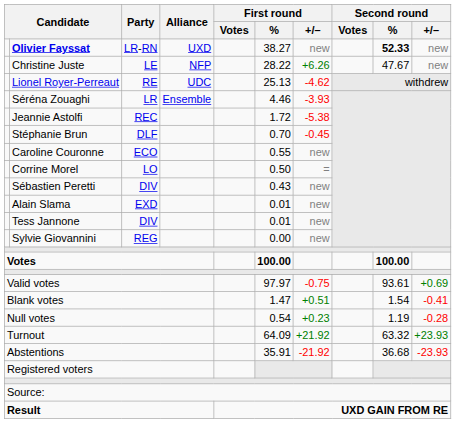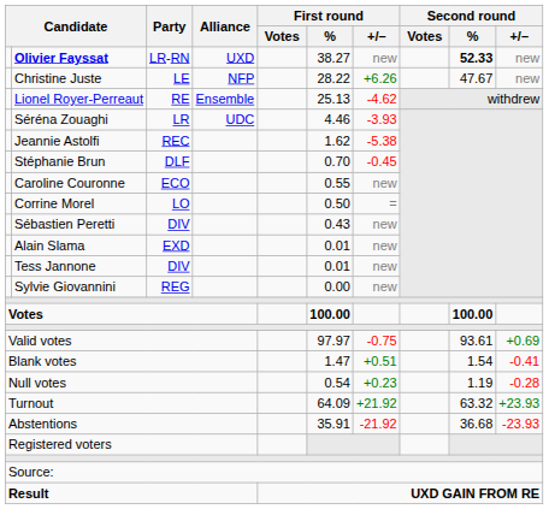 <table class="wikitable" style="text-align:right;font-size:95%;">
 <tr>
 <th rowspan="2" colspan="2">Candidate</th>
 <th colspan="1" rowspan="2">Party</th>
 <th colspan="1" rowspan="2">Alliance</th>
 <th colspan="3">First round</th>
 <th colspan="3">Second round</th>
 </tr>
 <tr>
 <th style="width:50px;">Votes</th>
 <th style="width:45px;">%</th>
 <th style="width:45px;">+/–</th>
 <th style="width:50px;">Votes</th>
 <th style="width:45px;">%</th>
 <th style="width:45px;">+/–</th>
 </tr>
 <tr>
 <td style="color:inherit;background:"></td>
 <td style="text-align:left;"><strong><a href='#'>Olivier Fayssat</a></strong></td>
 <td><a href='#'>LR</a>-<a href='#'>RN</a></td>
 <td><a href='#'>UXD</a></td>
 <td></td>
 <td>38.27</td>
 <td style="color:grey;">new</td>
 <td><strong></strong></td>
 <td><strong>52.33</strong></td>
 <td style="color:grey;">new</td>
 </tr>
 <tr>
 <td style="color:inherit;background:"></td>
 <td style="text-align:left;">Christine Juste</td>
 <td><a href='#'>LE</a></td>
 <td><a href='#'>NFP</a></td>
 <td></td>
 <td>28.22</td>
 <td style="color:green;">+6.26</td>
 <td></td>
 <td>47.67</td>
 <td style="color:grey;">new</td>
 </tr>
 <tr>
 <td style="color:inherit;background:"></td>
 <td style="text-align:left;"><a href='#'>Lionel Royer-Perreaut</a></td>
 <td><a href='#'>RE</a></td>
-<td><a href='#'>UDC</a></td>
+<td><a href='#'>Ensemble</a></td>
 <td></td>
 <td>25.13</td>
 <td style="color:red;">-4.62</td>
 <td colspan="3" style="background:#E9E9E9;">withdrew</td>
 </tr>
 <tr>
 <td style="color:inherit;background:"></td>
 <td style="text-align:left;">Séréna Zouaghi</td>
 <td><a href='#'>LR</a></td>
-<td><a href='#'>Ensemble</a></td>
+<td><a href='#'>UDC</a></td>
 <td></td>
 <td>4.46</td>
 <td style="color:red;">-3.93</td>
 <td colspan="3" rowspan="9" style="background:#E9E9E9;"></td>
 </tr>
 <tr>
 <td style="color:inherit;background:"></td>
 <td style="text-align:left;">Jeannie Astolfi</td>
 <td><a href='#'>REC</a></td>
 <td></td>
 <td></td>
-<td>1.72</td>
+<td>1.62</td>
 <td style="color:red;">-5.38</td>
 </tr>
 <tr>
 <td style="color:inherit;background:"></td>
 <td style="text-align:left;">Stéphanie Brun</td>
 <td><a href='#'>DLF</a></td>
 <td></td>
 <td></td>
 <td>0.70</td>
 <td style="color:red;">-0.45</td>
 </tr>
 <tr>
 <td style="color:inherit;background:"></td>
 <td style="text-align:left;">Caroline Couronne</td>
 <td><a href='#'>ECO</a></td>
 <td></td>
 <td></td>
 <td>0.55</td>
 <td style="color:grey;">new</td>
 </tr>
 <tr>
 <td style="color:inherit;background:"></td>
 <td style="text-align:left;">Corrine Morel</td>
 <td><a href='#'>LO</a></td>
 <td></td>
 <td></td>
 <td>0.50</td>
 <td style="color:grey;">=</td>
 </tr>
 <tr>
 <td style="color:inherit;background:"></td>
 <td style="text-align:left;">Sébastien Peretti</td>
 <td><a href='#'>DIV</a></td>
 <td></td>
 <td></td>
 <td>0.43</td>
 <td style="color:grey;">new</td>
 </tr>
 <tr>
 <td style="color:inherit;background:"></td>
 <td style="text-align:left;">Alain Slama</td>
 <td><a href='#'>EXD</a></td>
 <td></td>
 <td></td>
 <td>0.01</td>
 <td style="color:grey;">new</td>
 </tr>
 <tr>
 <td style="color:inherit;background:"></td>
 <td style="text-align:left;">Tess Jannone</td>
 <td><a href='#'>DIV</a></td>
 <td></td>
 <td></td>
 <td>0.01</td>
 <td style="color:grey;">new</td>
 </tr>
 <tr>
 <td style="color:inherit;background:"></td>
 <td style="text-align:left;">Sylvie Giovannini</td>
 <td><a href='#'>REG</a></td>
 <td></td>
 <td></td>
 <td>0.00</td>
 <td style="color:grey;">new</td>
 </tr>
 <tr>
 <td colspan="10" style="background:#E9E9E9;"></td>
 </tr>
 <tr style="font-weight:bold;">
 <td colspan="4" style="text-align:left;">Votes</td>
 <td></td>
 <td>100.00</td>
 <td></td>
 <td></td>
 <td>100.00</td>
 <td></td>
 </tr>
 <tr>
 <td colspan="10" style="background:#E9E9E9;"></td>
 </tr>
 <tr>
 <td colspan="4" style="text-align:left;">Valid votes</td>
 <td></td>
 <td>97.97</td>
 <td style="color:red;">-0.75</td>
 <td></td>
 <td>93.61</td>
 <td style="color:green;">+0.69</td>
 </tr>
 <tr>
 <td colspan="4" style="text-align:left;">Blank votes</td>
 <td></td>
 <td>1.47</td>
 <td style="color:green;">+0.51</td>
 <td></td>
 <td>1.54</td>
 <td style="color:red;">-0.41</td>
 </tr>
 <tr>
 <td colspan="4" style="text-align:left;">Null votes</td>
 <td></td>
 <td>0.54</td>
 <td style="color:green;">+0.23</td>
 <td></td>
 <td>1.19</td>
 <td style="color:red;">-0.28</td>
 </tr>
 <tr>
 <td colspan="4" style="text-align:left;">Turnout</td>
 <td></td>
 <td>64.09</td>
 <td style="color:green;">+21.92</td>
 <td></td>
 <td>63.32</td>
 <td style="color:green;">+23.93</td>
 </tr>
 <tr>
 <td colspan="4" style="text-align:left;">Abstentions</td>
 <td></td>
 <td>35.91</td>
 <td style="color:red;">-21.92</td>
 <td></td>
 <td>36.68</td>
 <td style="color:red;">-23.93</td>
 </tr>
 <tr>
 <td colspan="4" style="text-align:left;">Registered voters</td>
 <td></td>
 <td colspan="2" style="background:#E9E9E9;"></td>
 <td></td>
 <td colspan="2" style="background:#E9E9E9;"></td>
 </tr>
 <tr>
 <td colspan="10" style="background:#E9E9E9;"></td>
 </tr>
 <tr>
 <td colspan="10" style="text-align:left;">Source: </td>
 </tr>
 <tr style="font-weight:bold">
 <td colspan="4" style="text-align:left;">Result</td>
 <td colspan="6" style="background-color:">UXD GAIN FROM RE</td>
 </tr>
 </table>
